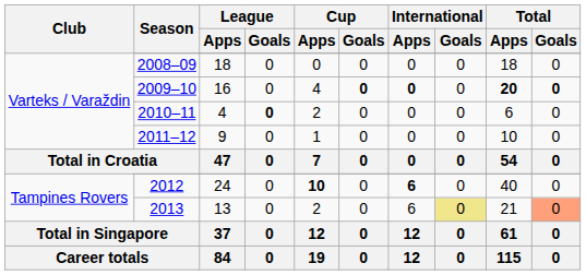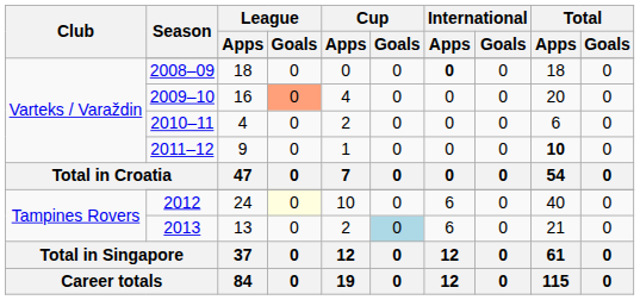 <table class="wikitable" style="text-align: center;">
 <tr>
 <th rowspan="2">Club</th>
 <th rowspan="2">Season</th>
 <th colspan="2">League</th>
 <th colspan="2">Cup</th>
 <th colspan="2">International</th>
 <th colspan="2">Total</th>
 </tr>
 <tr>
 <th>Apps</th>
 <th>Goals</th>
 <th>Apps</th>
 <th>Goals</th>
 <th>Apps</th>
 <th>Goals</th>
 <th>Apps</th>
 <th>Goals</th>
 </tr>
 <tr>
 <td rowspan="5" align=center valign=center><a href='#'>Varteks / Varaždin</a></td>
 </tr>
 <tr>
 <td><a href='#'>2008–09</a></td>
 <td>18</td>
 <td>0</td>
 <td>0</td>
 <td>0</td>
-<td>0</td>
+<td><strong>0</strong></td>
 <td>0</td>
 <td>18</td>
 <td>0</td>
 </tr>
 <tr>
 <td><a href='#'>2009–10</a></td>
 <td>16</td>
+<td style="background: lightsalmon;">0</td>
+<td>4</td>
 <td>0</td>
-<td>4</td>
-<td><strong>0</strong></td>
-<td><strong>0</strong></td>
 <td>0</td>
-<td><strong>20</strong></td>
-<td><strong>0</strong></td>
+<td>0</td>
+<td>20</td>
+<td>0</td>
 </tr>
 <tr>
 <td><a href='#'>2010–11</a></td>
 <td>4</td>
-<td><strong>0</strong></td>
+<td>0</td>
 <td>2</td>
 <td>0</td>
 <td>0</td>
 <td>0</td>
 <td>6</td>
 <td>0</td>
 </tr>
 <tr>
 <td><a href='#'>2011–12</a></td>
 <td>9</td>
 <td>0</td>
 <td>1</td>
 <td>0</td>
 <td>0</td>
 <td>0</td>
-<td>10</td>
+<td><strong>10</strong></td>
 <td>0</td>
 </tr>
 <tr>
 <th colspan="2">Total in Croatia</th>
 <th>47</th>
 <th>0</th>
 <th>7</th>
 <th>0</th>
 <th>0</th>
 <th>0</th>
 <th>54</th>
 <th>0</th>
 </tr>
 <tr>
 <td rowspan="3" align=center valign=center><a href='#'>Tampines Rovers</a></td>
 </tr>
 <tr>
 <td><a href='#'>2012</a></td>
 <td>24</td>
+<td style="background: lightyellow;">0</td>
+<td>10</td>
 <td>0</td>
-<td><strong>10</strong></td>
-<td>0</td>
-<td><strong>6</strong></td>
+<td>6</td>
 <td>0</td>
 <td>40</td>
 <td>0</td>
 </tr>
 <tr>
 <td><a href='#'>2013</a></td>
 <td>13</td>
 <td>0</td>
 <td>2</td>
+<td style="background: lightblue;">0</td>
+<td>6</td>
 <td>0</td>
-<td>6</td>
-<td style="background: khaki;">0</td>
 <td>21</td>
-<td style="background: lightsalmon;">0</td>
+<td>0</td>
 </tr>
 <tr>
 <th colspan="2">Total in Singapore</th>
 <th>37</th>
 <th>0</th>
 <th>12</th>
 <th>0</th>
 <th>12</th>
 <th>0</th>
 <th>61</th>
 <th>0</th>
 </tr>
 <tr>
 <th colspan="2">Career totals</th>
 <th>84</th>
 <th>0</th>
 <th>19</th>
 <th>0</th>
 <th>12</th>
 <th>0</th>
 <th>115</th>
 <th>0</th>
 </tr>
 </table>
